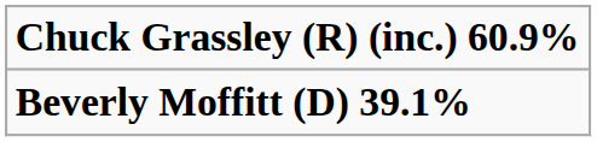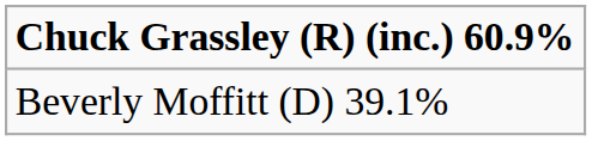 <table class="wikitable">
 <tr>
 <td><strong>Chuck Grassley (R) (inc.) 60.9%</strong></td>
 </tr>
 <tr>
-<td><strong>Beverly Moffitt (D) 39.1%</strong></td>
+<td>Beverly Moffitt (D) 39.1%</td>
 </tr>
 </table>
